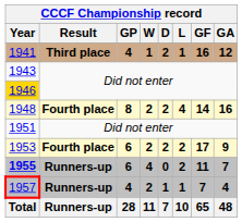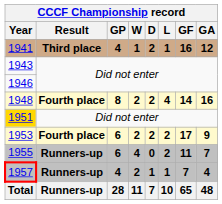 <table class="wikitable" style="text-align: center;">
 <tr>
 <th colspan=8><a href='#'>CCCF Championship</a> record</th>
 </tr>
 <tr>
 <th>Year</th>
 <th>Result</th>
 <th>GP</th>
 <th>W</th>
 <th>D</th>
 <th>L</th>
 <th>GF</th>
 <th>GA</th>
 </tr>
 <tr bgcolor=#cfaa88>
 <td> <a href='#'>1941</a></td>
 <td><strong>Third place</strong></td>
 <td><strong>4</strong></td>
 <td><strong>1</strong></td>
 <td><strong>2</strong></td>
 <td><strong>1</strong></td>
 <td><strong>16</strong></td>
 <td><strong>12</strong></td>
 </tr>
 <tr>
 <td> <a href='#'>1943</a></td>
 <td colspan=7 rowspan=2><em>Did not enter</em></td>
 </tr>
 <tr>
-<td style="background: gold;"> <a href='#'>1946</a></td>
+<td> <a href='#'>1946</a></td>
 </tr>
 <tr bgcolor=LemonChiffon>
 <td> <a href='#'>1948</a></td>
 <td><strong>Fourth place</strong></td>
 <td><strong>8</strong></td>
 <td><strong>2</strong></td>
 <td><strong>2</strong></td>
 <td><strong>4</strong></td>
 <td><strong>14</strong></td>
 <td><strong>16</strong></td>
 </tr>
 <tr>
-<td> <a href='#'>1951</a></td>
+<td style="background: gold;"> <a href='#'>1951</a></td>
 <td colspan=7><em>Did not enter</em></td>
 </tr>
 <tr bgcolor=LemonChiffon>
 <td> <a href='#'>1953</a></td>
 <td><strong>Fourth place</strong></td>
 <td><strong>6</strong></td>
 <td><strong>2</strong></td>
 <td><strong>2</strong></td>
 <td><strong>2</strong></td>
 <td><strong>17</strong></td>
 <td><strong>9</strong></td>
 </tr>
 <tr bgcolor=Silver>
-<td><strong> <a href='#'>1955</a></strong></td>
+<td> <a href='#'>1955</a></td>
 <td><strong>Runners-up</strong></td>
 <td><strong>6</strong></td>
 <td><strong>4</strong></td>
 <td><strong>0</strong></td>
 <td><strong>2</strong></td>
 <td><strong>11</strong></td>
 <td><strong>7</strong></td>
 </tr>
 <tr bgcolor=Silver>
 <td style="border:3px solid red"> <a href='#'>1957</a></td>
 <td><strong>Runners-up</strong></td>
 <td><strong>4</strong></td>
 <td><strong>2</strong></td>
 <td><strong>1</strong></td>
 <td><strong>1</strong></td>
 <td><strong>7</strong></td>
 <td><strong>4</strong></td>
 </tr>
 <tr>
 <th>Total</th>
 <th>Runners-up</th>
 <th>28</th>
 <th>11</th>
 <th>7</th>
 <th>10</th>
 <th>65</th>
 <th>48</th>
 </tr>
 </table>
